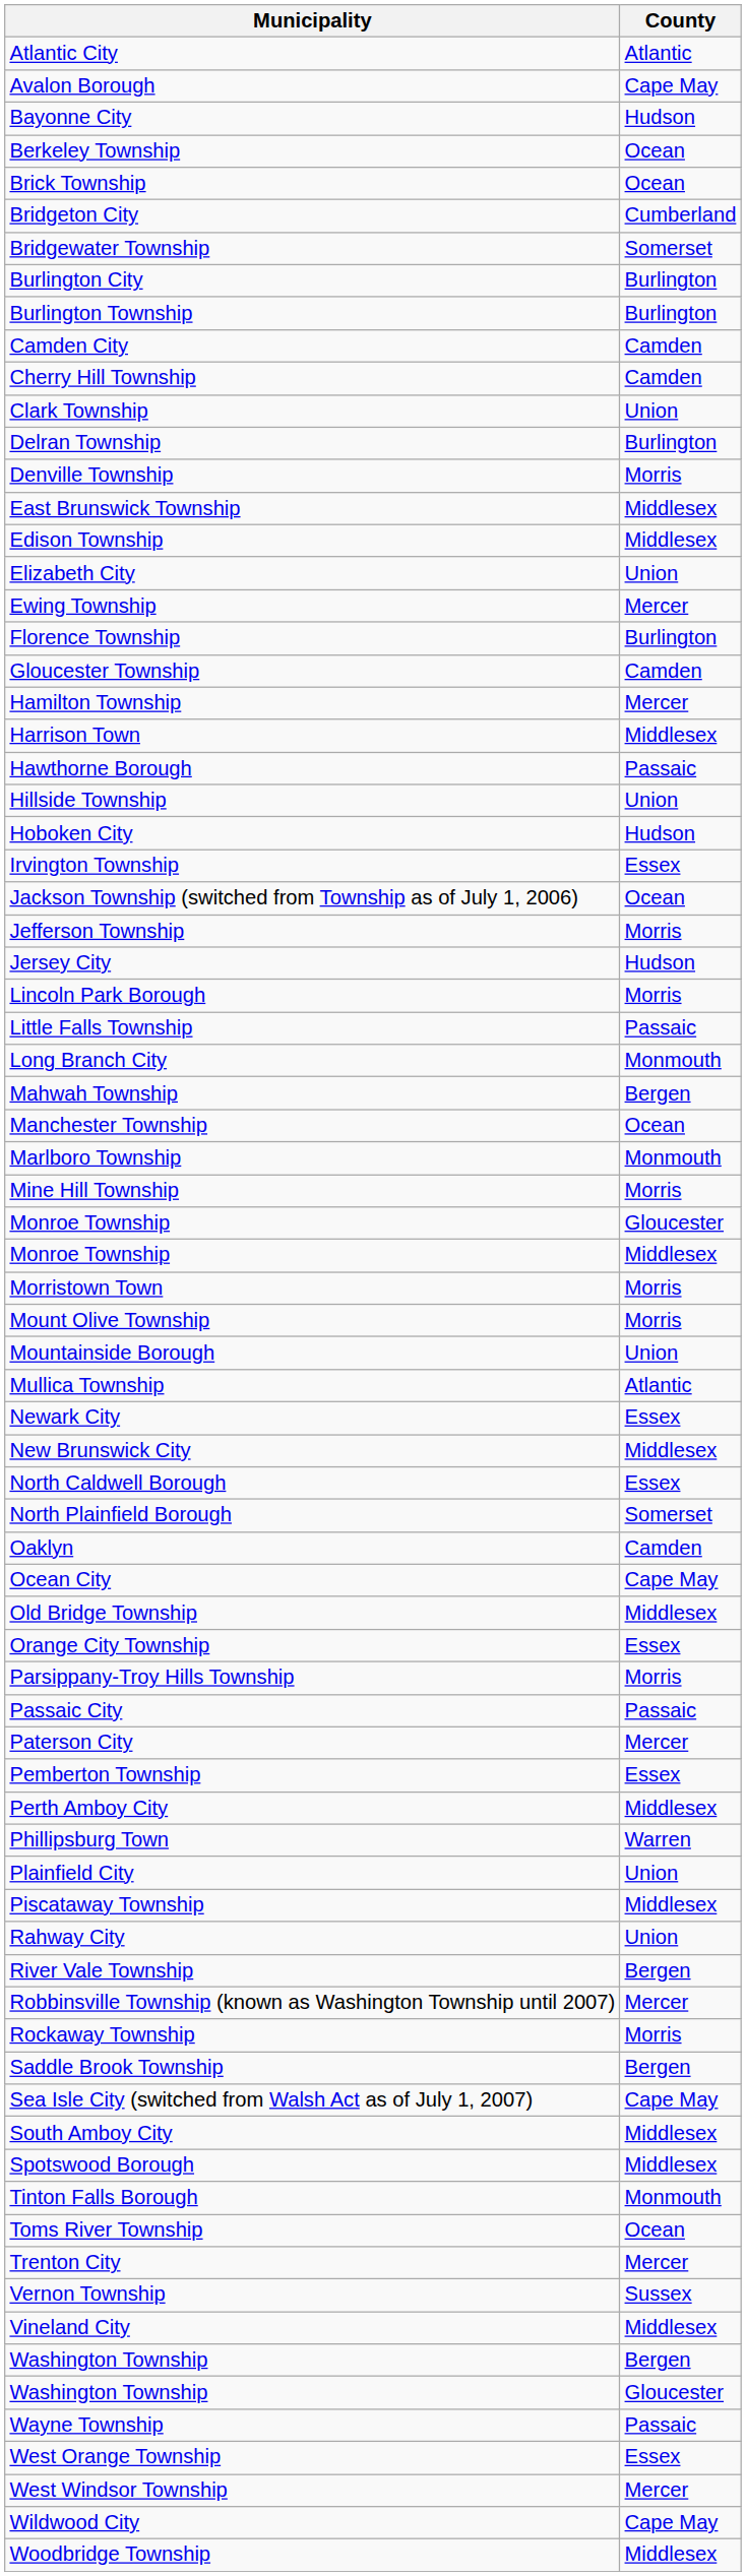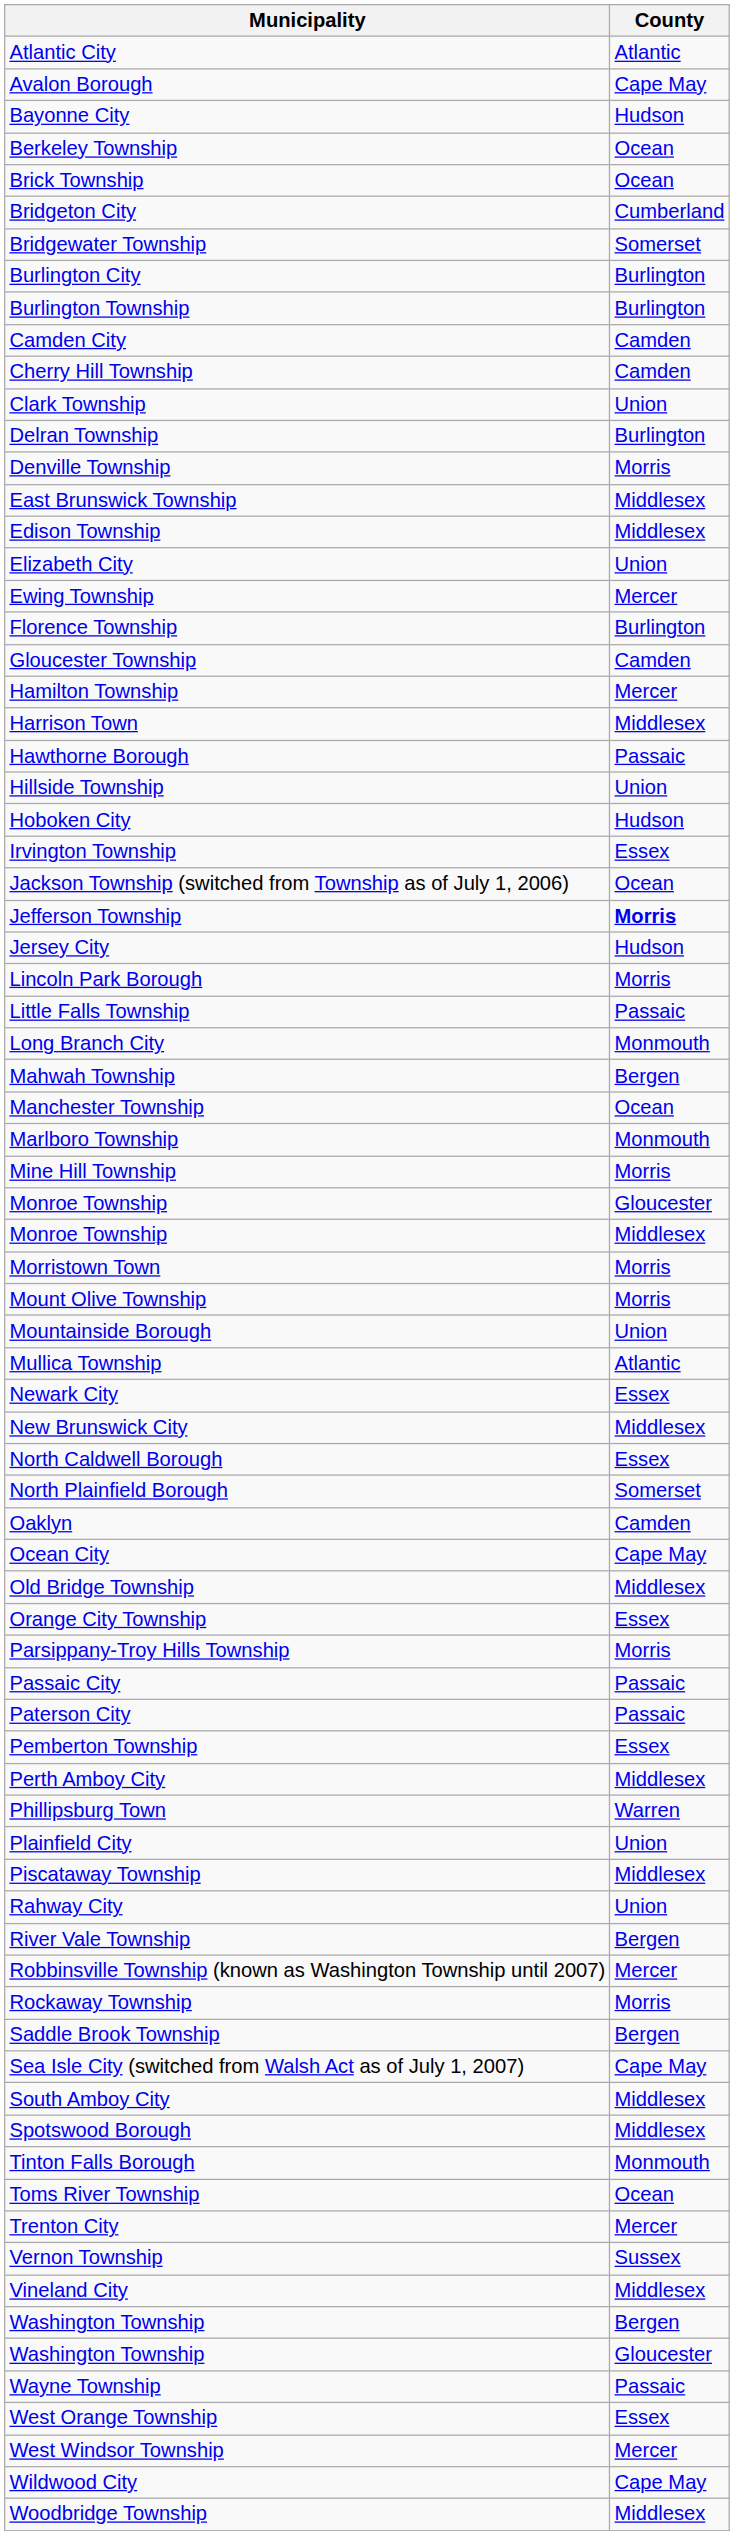 <table class="wikitable sortable" style="margin-left: auto; margin-right: auto;">
 <tr>
 <th scope="col">Municipality</th>
 <th scope="col">County</th>
 </tr>
 <tr>
 <td><a href='#'>Atlantic City</a></td>
 <td><a href='#'>Atlantic</a></td>
 </tr>
 <tr>
 <td><a href='#'>Avalon Borough</a></td>
 <td><a href='#'>Cape May</a></td>
 </tr>
 <tr>
 <td><a href='#'>Bayonne City</a></td>
 <td><a href='#'>Hudson</a></td>
 </tr>
 <tr>
 <td><a href='#'>Berkeley Township</a></td>
 <td><a href='#'>Ocean</a></td>
 </tr>
 <tr>
 <td><a href='#'>Brick Township</a></td>
 <td><a href='#'>Ocean</a></td>
 </tr>
 <tr>
 <td><a href='#'>Bridgeton City</a></td>
 <td><a href='#'>Cumberland</a></td>
 </tr>
 <tr>
 <td><a href='#'>Bridgewater Township</a></td>
 <td><a href='#'>Somerset</a></td>
 </tr>
 <tr>
 <td><a href='#'>Burlington City</a></td>
 <td><a href='#'>Burlington</a></td>
 </tr>
 <tr>
 <td><a href='#'>Burlington Township</a></td>
 <td><a href='#'>Burlington</a></td>
 </tr>
 <tr>
 <td><a href='#'>Camden City</a></td>
 <td><a href='#'>Camden</a></td>
 </tr>
 <tr>
 <td><a href='#'>Cherry Hill Township</a></td>
 <td><a href='#'>Camden</a></td>
 </tr>
 <tr>
 <td><a href='#'>Clark Township</a></td>
 <td><a href='#'>Union</a></td>
 </tr>
 <tr>
 <td><a href='#'>Delran Township</a></td>
 <td><a href='#'>Burlington</a></td>
 </tr>
 <tr>
 <td><a href='#'>Denville Township</a></td>
 <td><a href='#'>Morris</a></td>
 </tr>
 <tr>
 <td><a href='#'>East Brunswick Township</a></td>
 <td><a href='#'>Middlesex</a></td>
 </tr>
 <tr>
 <td><a href='#'>Edison Township</a></td>
 <td><a href='#'>Middlesex</a></td>
 </tr>
 <tr>
 <td><a href='#'>Elizabeth City</a></td>
 <td><a href='#'>Union</a></td>
 </tr>
 <tr>
 <td><a href='#'>Ewing Township</a></td>
 <td><a href='#'>Mercer</a></td>
 </tr>
 <tr>
 <td><a href='#'>Florence Township</a></td>
 <td><a href='#'>Burlington</a></td>
 </tr>
 <tr>
 <td><a href='#'>Gloucester Township</a></td>
 <td><a href='#'>Camden</a></td>
 </tr>
 <tr>
 <td><a href='#'>Hamilton Township</a></td>
 <td><a href='#'>Mercer</a></td>
 </tr>
 <tr>
 <td><a href='#'>Harrison Town</a></td>
 <td><a href='#'>Middlesex</a></td>
 </tr>
 <tr>
 <td><a href='#'>Hawthorne Borough</a></td>
 <td><a href='#'>Passaic</a></td>
 </tr>
 <tr>
 <td><a href='#'>Hillside Township</a></td>
 <td><a href='#'>Union</a></td>
 </tr>
 <tr>
 <td><a href='#'>Hoboken City</a></td>
 <td><a href='#'>Hudson</a></td>
 </tr>
 <tr>
 <td><a href='#'>Irvington Township</a></td>
 <td><a href='#'>Essex</a></td>
 </tr>
 <tr>
 <td><a href='#'>Jackson Township</a> (switched from <a href='#'>Township</a> as of July 1, 2006)</td>
 <td><a href='#'>Ocean</a></td>
 </tr>
 <tr>
 <td><a href='#'>Jefferson Township</a></td>
-<td><a href='#'>Morris</a></td>
+<td><strong><a href='#'>Morris</a></strong></td>
 </tr>
 <tr>
 <td><a href='#'>Jersey City</a></td>
 <td><a href='#'>Hudson</a></td>
 </tr>
 <tr>
 <td><a href='#'>Lincoln Park Borough</a></td>
 <td><a href='#'>Morris</a></td>
 </tr>
 <tr>
 <td><a href='#'>Little Falls Township</a></td>
 <td><a href='#'>Passaic</a></td>
 </tr>
 <tr>
 <td><a href='#'>Long Branch City</a></td>
 <td><a href='#'>Monmouth</a></td>
 </tr>
 <tr>
 <td><a href='#'>Mahwah Township</a></td>
 <td><a href='#'>Bergen</a></td>
 </tr>
 <tr>
 <td><a href='#'>Manchester Township</a></td>
 <td><a href='#'>Ocean</a></td>
 </tr>
 <tr>
 <td><a href='#'>Marlboro Township</a></td>
 <td><a href='#'>Monmouth</a></td>
 </tr>
 <tr>
 <td><a href='#'>Mine Hill Township</a></td>
 <td><a href='#'>Morris</a></td>
 </tr>
 <tr>
 <td><a href='#'>Monroe Township</a></td>
 <td><a href='#'>Gloucester</a></td>
 </tr>
 <tr>
 <td><a href='#'>Monroe Township</a></td>
 <td><a href='#'>Middlesex</a></td>
 </tr>
 <tr>
 <td><a href='#'>Morristown Town</a></td>
 <td><a href='#'>Morris</a></td>
 </tr>
 <tr>
 <td><a href='#'>Mount Olive Township</a></td>
 <td><a href='#'>Morris</a></td>
 </tr>
 <tr>
 <td><a href='#'>Mountainside Borough</a></td>
 <td><a href='#'>Union</a></td>
 </tr>
 <tr>
 <td><a href='#'>Mullica Township</a></td>
 <td><a href='#'>Atlantic</a></td>
 </tr>
 <tr>
 <td><a href='#'>Newark City</a></td>
 <td><a href='#'>Essex</a></td>
 </tr>
 <tr>
 <td><a href='#'>New Brunswick City</a></td>
 <td><a href='#'>Middlesex</a></td>
 </tr>
 <tr>
 <td><a href='#'>North Caldwell Borough</a></td>
 <td><a href='#'>Essex</a></td>
 </tr>
 <tr>
 <td><a href='#'>North Plainfield Borough</a></td>
 <td><a href='#'>Somerset</a></td>
 </tr>
 <tr>
 <td><a href='#'>Oaklyn</a></td>
 <td><a href='#'>Camden</a></td>
 </tr>
 <tr>
 <td><a href='#'>Ocean City</a></td>
 <td><a href='#'>Cape May</a></td>
 </tr>
 <tr>
 <td><a href='#'>Old Bridge Township</a></td>
 <td><a href='#'>Middlesex</a></td>
 </tr>
 <tr>
 <td><a href='#'>Orange City Township</a></td>
 <td><a href='#'>Essex</a></td>
 </tr>
 <tr>
 <td><a href='#'>Parsippany-Troy Hills Township</a></td>
 <td><a href='#'>Morris</a></td>
 </tr>
 <tr>
 <td><a href='#'>Passaic City</a></td>
 <td><a href='#'>Passaic</a></td>
 </tr>
 <tr>
 <td><a href='#'>Paterson City</a></td>
-<td><a href='#'>Mercer</a></td>
+<td><a href='#'>Passaic</a></td>
 </tr>
 <tr>
 <td><a href='#'>Pemberton Township</a></td>
 <td><a href='#'>Essex</a></td>
 </tr>
 <tr>
 <td><a href='#'>Perth Amboy City</a></td>
 <td><a href='#'>Middlesex</a></td>
 </tr>
 <tr>
 <td><a href='#'>Phillipsburg Town</a></td>
 <td><a href='#'>Warren</a></td>
 </tr>
 <tr>
 <td><a href='#'>Plainfield City</a></td>
 <td><a href='#'>Union</a></td>
 </tr>
 <tr>
 <td><a href='#'>Piscataway Township</a></td>
 <td><a href='#'>Middlesex</a></td>
 </tr>
 <tr>
 <td><a href='#'>Rahway City</a></td>
 <td><a href='#'>Union</a></td>
 </tr>
 <tr>
 <td><a href='#'>River Vale Township</a></td>
 <td><a href='#'>Bergen</a></td>
 </tr>
 <tr>
 <td><a href='#'>Robbinsville Township</a> (known as Washington Township until 2007)</td>
 <td><a href='#'>Mercer</a></td>
 </tr>
 <tr>
 <td><a href='#'>Rockaway Township</a></td>
 <td><a href='#'>Morris</a></td>
 </tr>
 <tr>
 <td><a href='#'>Saddle Brook Township</a></td>
 <td><a href='#'>Bergen</a></td>
 </tr>
 <tr>
 <td><a href='#'>Sea Isle City</a> (switched from <a href='#'>Walsh Act</a> as of July 1, 2007)</td>
 <td><a href='#'>Cape May</a></td>
 </tr>
 <tr>
 <td><a href='#'>South Amboy City</a></td>
 <td><a href='#'>Middlesex</a></td>
 </tr>
 <tr>
 <td><a href='#'>Spotswood Borough</a></td>
 <td><a href='#'>Middlesex</a></td>
 </tr>
 <tr>
 <td><a href='#'>Tinton Falls Borough</a></td>
 <td><a href='#'>Monmouth</a></td>
 </tr>
 <tr>
 <td><a href='#'>Toms River Township</a></td>
 <td><a href='#'>Ocean</a></td>
 </tr>
 <tr>
 <td><a href='#'>Trenton City</a></td>
 <td><a href='#'>Mercer</a></td>
 </tr>
 <tr>
 <td><a href='#'>Vernon Township</a></td>
 <td><a href='#'>Sussex</a></td>
 </tr>
 <tr>
 <td><a href='#'>Vineland City</a></td>
 <td><a href='#'>Middlesex</a></td>
 </tr>
 <tr>
 <td><a href='#'>Washington Township</a></td>
 <td><a href='#'>Bergen</a></td>
 </tr>
 <tr>
 <td><a href='#'>Washington Township</a></td>
 <td><a href='#'>Gloucester</a></td>
 </tr>
 <tr>
 <td><a href='#'>Wayne Township</a></td>
 <td><a href='#'>Passaic</a></td>
 </tr>
 <tr>
 <td><a href='#'>West Orange Township</a></td>
 <td><a href='#'>Essex</a></td>
 </tr>
 <tr>
 <td><a href='#'>West Windsor Township</a></td>
 <td><a href='#'>Mercer</a></td>
 </tr>
 <tr>
 <td><a href='#'>Wildwood City</a></td>
 <td><a href='#'>Cape May</a></td>
 </tr>
 <tr>
 <td><a href='#'>Woodbridge Township</a></td>
 <td><a href='#'>Middlesex</a></td>
 </tr>
 <tr>
 </tr>
 </table>
